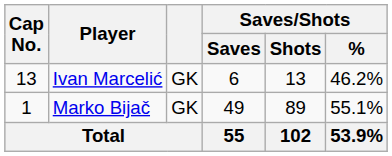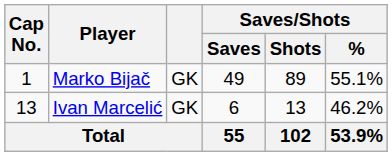 <table class="wikitable sortable" style="text-align: center; font-size: 85%; margin-left: 1em;">
 <tr>
 <th rowspan="2">Cap<br>No.</th>
 <th rowspan="2">Player</th>
 <th rowspan="2"></th>
 <th colspan="3">Saves/Shots</th>
 </tr>
 <tr>
 <th>Saves</th>
 <th>Shots</th>
 <th>%</th>
 </tr>
 <tr>
+<td>1</td>
+<td style="text-align: left;" data-sort-value="Bijač, Marko"><a href='#'>Marko Bijač</a></td>
+<td>GK</td>
+<td>49</td>
+<td>89</td>
+<td>55.1%</td>
+</tr>
+<tr>
 <td>13</td>
 <td style="text-align: left;" data-sort-value="Marcelić, Ivan"><a href='#'>Ivan Marcelić</a></td>
 <td>GK</td>
 <td>6</td>
 <td>13</td>
 <td>46.2%</td>
 </tr>
 <tr>
-<td>1</td>
-<td style="text-align: left;" data-sort-value="Bijač, Marko"><a href='#'>Marko Bijač</a></td>
-<td>GK</td>
-<td>49</td>
-<td>89</td>
-<td>55.1%</td>
-</tr>
-<tr>
 <th colspan="3">Total</th>
 <th>55</th>
 <th>102</th>
 <th>53.9%</th>
 </tr>
 </table>
